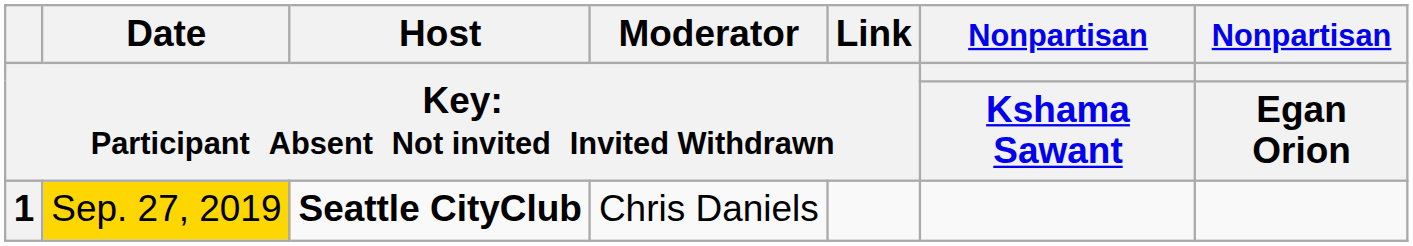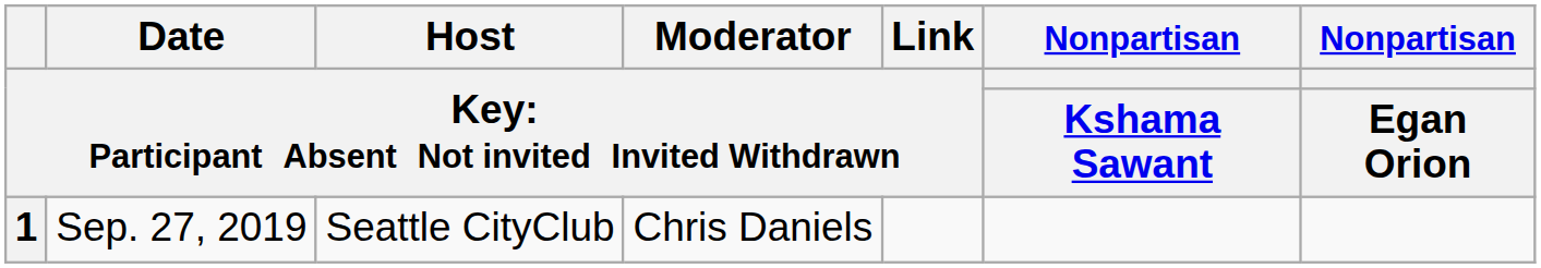 <table class="wikitable" style="text-align:center;">
 <tr>
 <th scope="col"></th>
 <th scope="col">Date</th>
 <th scope="col">Host</th>
 <th scope="col">Moderator</th>
 <th scope="col">Link</th>
 <th scope="col"><small><a href='#'>Nonpartisan</a></small></th>
 <th scope="col"><small><a href='#'>Nonpartisan</a></small></th>
 </tr>
 <tr>
 <th colspan="5" rowspan="2">Key:<br> <small>Participant </small>  <small>Absent </small>  <small>Not invited </small>  <small>Invited  Withdrawn</small></th>
 <th scope="col" style="background:"></th>
 <th scope="col" style="background:"></th>
 </tr>
 <tr>
 <th scope="col"><a href='#'>Kshama Sawant</a></th>
 <th scope="col">Egan Orion</th>
 </tr>
 <tr>
 <th>1</th>
-<td style="background: gold; white-space:nowrap;">Sep. 27, 2019</td>
-<td style="white-space:nowrap;"><strong>Seattle CityClub</strong></td>
+<td style="white-space:nowrap;">Sep. 27, 2019</td>
+<td style="white-space:nowrap;">Seattle CityClub</td>
 <td style="white-space:nowrap;">Chris Daniels</td>
 <td style="white-space:nowrap;"></td>
 <td></td>
 <td></td>
 </tr>
 </table>
